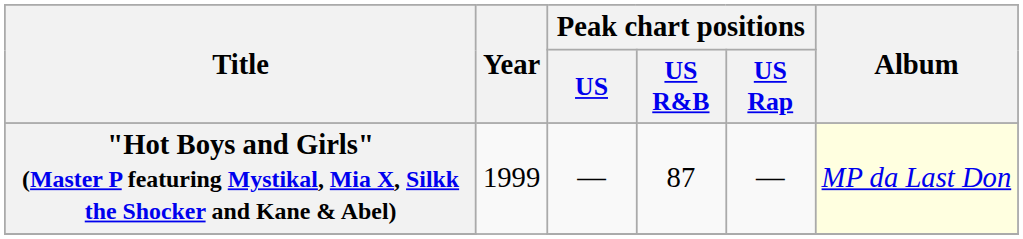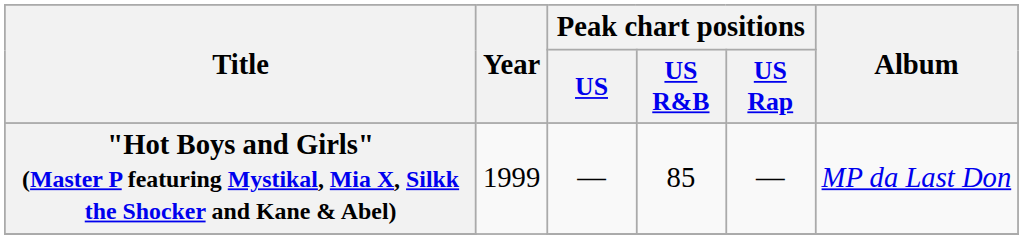 <table class="wikitable plainrowheaders" style="text-align:center;">
 <tr>
 <th scope="col" rowspan="2" style="width:16em;">Title</th>
 <th scope="col" rowspan="2">Year</th>
 <th scope="col" colspan="3">Peak chart positions</th>
 <th scope="col" rowspan="2">Album</th>
 </tr>
 <tr>
 <th style="width:3em; font-size:90%"><a href='#'>US</a></th>
 <th style="width:3em; font-size:90%"><a href='#'>US<br>R&B</a></th>
 <th style="width:3em; font-size:90%"><a href='#'>US<br>Rap</a></th>
 </tr>
 <tr>
 <th scope="row">"Hot Boys and Girls" <br><small>(<a href='#'>Master P</a> featuring <a href='#'>Mystikal</a>, <a href='#'>Mia X</a>, <a href='#'>Silkk the Shocker</a> and Kane & Abel)</small></th>
 <td rowspan="2">1999</td>
 <td>—</td>
-<td>87</td>
+<td>85</td>
 <td>—</td>
-<td style="background: lightyellow;"><em><a href='#'>MP da Last Don</a></em></td>
+<td><em><a href='#'>MP da Last Don</a></em></td>
 </tr>
 <tr>
 </tr>
 </table>
